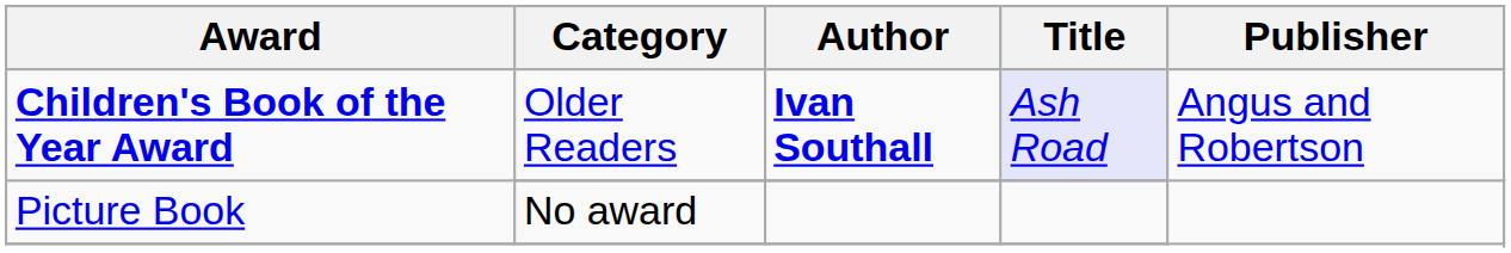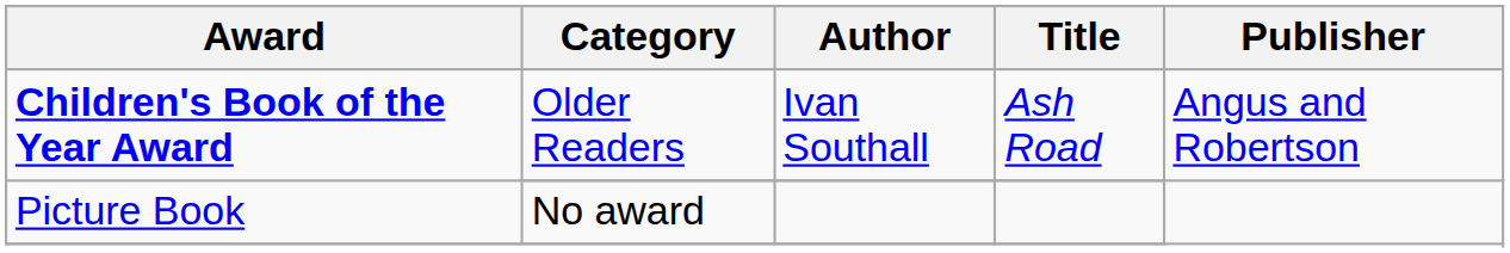 <table class="wikitable" width=95%>
 <tr>
 <th>Award</th>
 <th>Category</th>
 <th>Author</th>
 <th>Title</th>
 <th>Publisher</th>
 </tr>
 <tr>
 <td rowspan=2><strong><a href='#'>Children's Book of the Year Award</a></strong></td>
 <td><a href='#'>Older Readers</a></td>
-<td><strong><a href='#'>Ivan Southall</a></strong></td>
-<td style="background: lavender;"><em><a href='#'>Ash Road</a></em></td>
+<td><a href='#'>Ivan Southall</a></td>
+<td><em><a href='#'>Ash Road</a></em></td>
 <td><a href='#'>Angus and Robertson</a></td>
 </tr>
 <tr>
 </tr>
 <tr>
 <td><a href='#'>Picture Book</a></td>
 <td>No award</td>
 <td></td>
 <td></td>
 </tr>
 <tr>
 </tr>
 </table>
